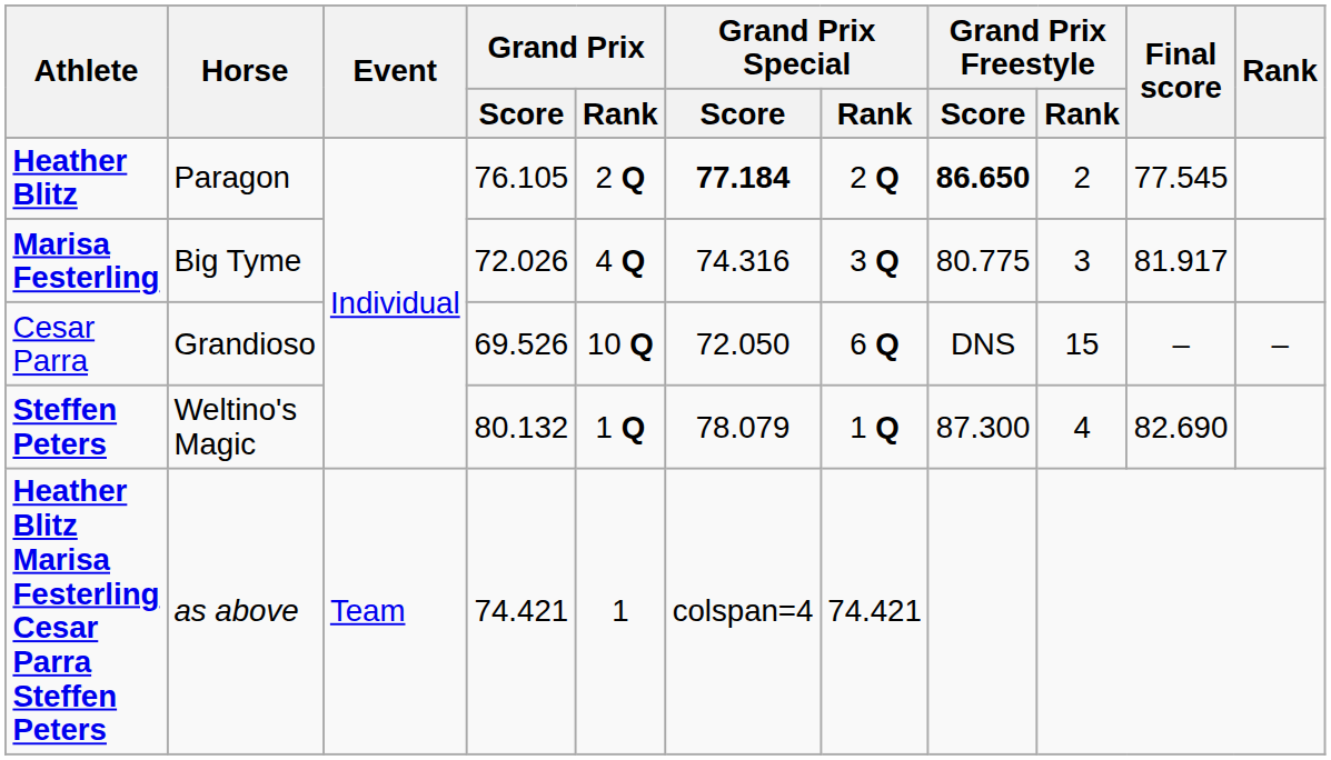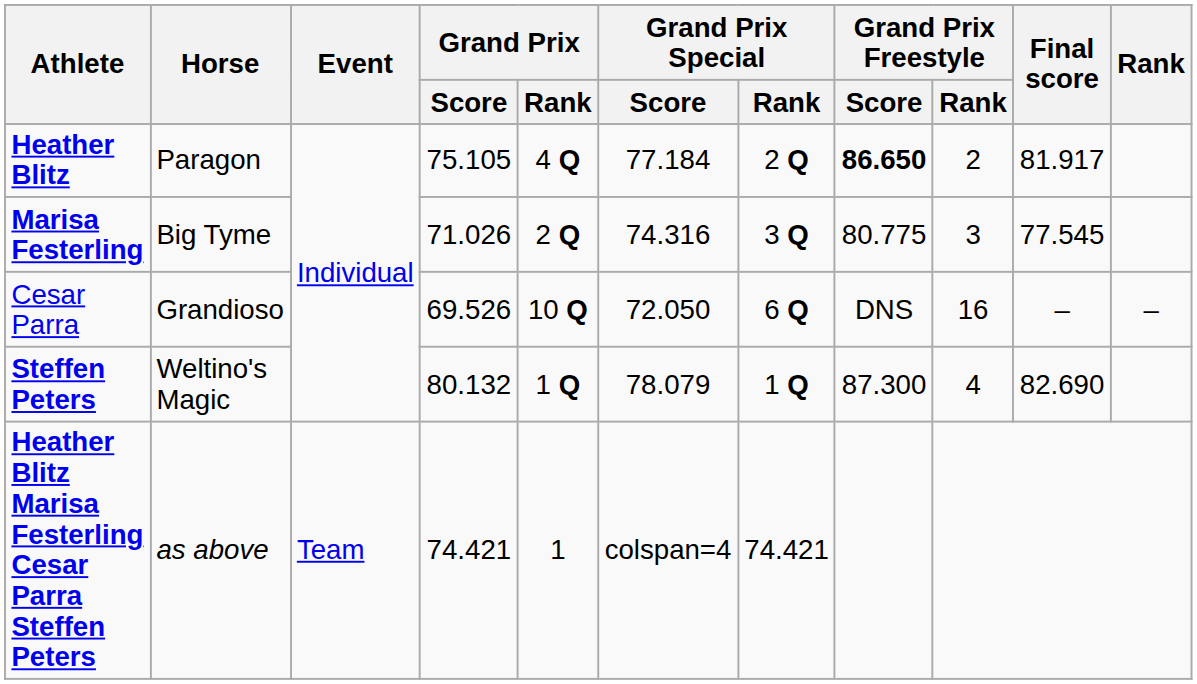 <table class="wikitable" style="font-size:90%">
 <tr>
 <th rowspan=2>Athlete</th>
 <th rowspan=2>Horse</th>
 <th rowspan=2>Event</th>
 <th colspan=2>Grand Prix</th>
 <th colspan=2>Grand Prix Special</th>
 <th colspan=2>Grand Prix Freestyle</th>
 <th rowspan=2>Final score</th>
 <th rowspan=2>Rank</th>
 </tr>
 <tr>
 <th>Score</th>
 <th>Rank</th>
 <th>Score</th>
 <th>Rank</th>
 <th>Score</th>
 <th>Rank</th>
 </tr>
 <tr align=center>
 <td align=left><strong><a href='#'>Heather Blitz</a></strong></td>
 <td align=left>Paragon</td>
 <td align=left rowspan=4><a href='#'>Individual</a></td>
-<td>76.105</td>
-<td>2 <strong>Q</strong></td>
-<td><strong>77.184</strong></td>
+<td>75.105</td>
+<td>4 <strong>Q</strong></td>
+<td>77.184</td>
 <td>2 <strong>Q</strong></td>
 <td><strong>86.650</strong></td>
 <td>2</td>
-<td>77.545</td>
+<td>81.917</td>
 <td></td>
 </tr>
 <tr align=center>
 <td align=left><strong><a href='#'>Marisa Festerling</a></strong></td>
 <td align=left>Big Tyme</td>
-<td>72.026</td>
-<td>4 <strong>Q</strong></td>
+<td>71.026</td>
+<td>2 <strong>Q</strong></td>
 <td>74.316</td>
 <td>3 <strong>Q</strong></td>
 <td>80.775</td>
 <td>3</td>
-<td>81.917</td>
+<td>77.545</td>
 <td></td>
 </tr>
 <tr align=center>
 <td align=left><a href='#'>Cesar Parra</a></td>
 <td align=left>Grandioso</td>
 <td>69.526</td>
 <td>10 <strong>Q</strong></td>
 <td>72.050</td>
 <td>6 <strong>Q</strong></td>
 <td>DNS</td>
-<td>15</td>
+<td>16</td>
 <td>–</td>
 <td>–</td>
 </tr>
 <tr align=center>
 <td align=left><strong><a href='#'>Steffen Peters</a></strong></td>
 <td align=left>Weltino's Magic</td>
 <td>80.132</td>
 <td>1 <strong>Q</strong></td>
 <td>78.079</td>
 <td>1 <strong>Q</strong></td>
 <td>87.300</td>
 <td>4</td>
 <td>82.690</td>
 <td></td>
 </tr>
 <tr align=center>
 <td align=left><strong><a href='#'>Heather Blitz</a><br><a href='#'>Marisa Festerling</a><br><a href='#'>Cesar Parra</a><br><a href='#'>Steffen Peters</a></strong></td>
 <td align=left><em>as above</em></td>
 <td align=left><a href='#'>Team</a></td>
 <td>74.421</td>
 <td>1</td>
 <td>colspan=4 </td>
 <td>74.421</td>
 <td></td>
 </tr>
 </table>
